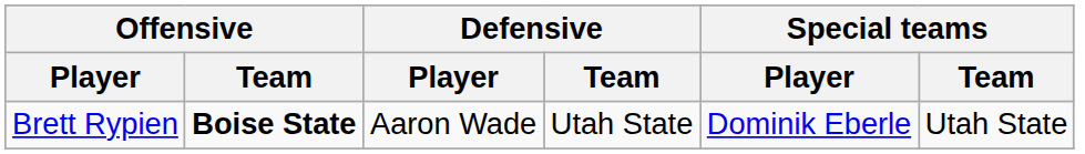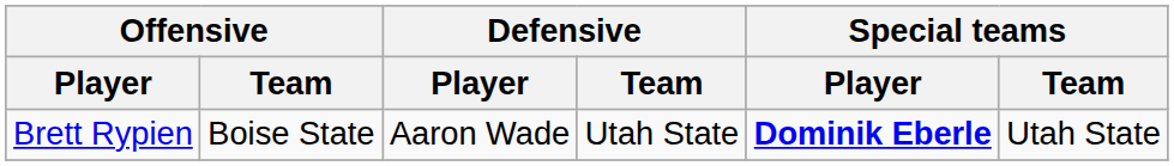 <table class="wikitable">
 <tr>
 <th colspan="2">Offensive</th>
 <th colspan="2">Defensive</th>
 <th colspan="2">Special teams</th>
 </tr>
 <tr>
 <th>Player</th>
 <th>Team</th>
 <th>Player</th>
 <th>Team</th>
 <th>Player</th>
 <th>Team</th>
 </tr>
 <tr>
 <td><a href='#'>Brett Rypien</a></td>
-<td><strong>Boise State</strong></td>
+<td>Boise State</td>
 <td>Aaron Wade</td>
 <td>Utah State</td>
-<td><a href='#'>Dominik Eberle</a></td>
+<td><strong><a href='#'>Dominik Eberle</a></strong></td>
 <td>Utah State</td>
 </tr>
 </table>
